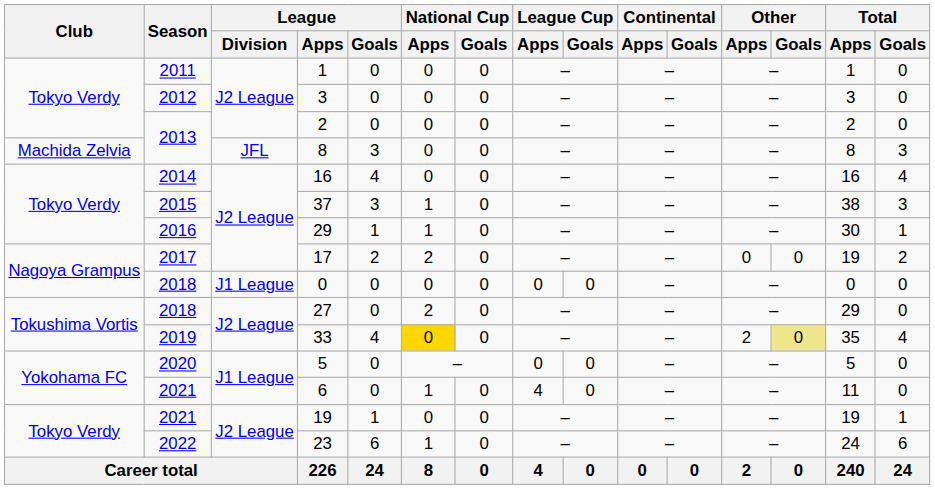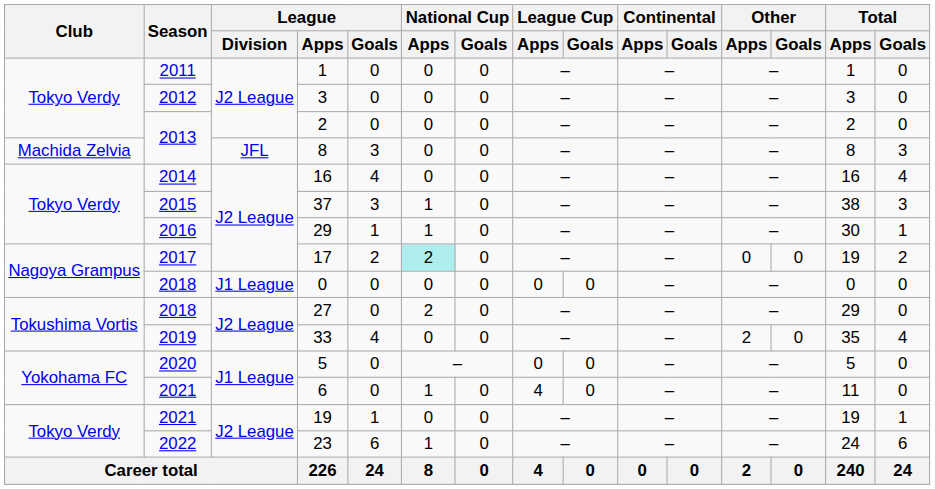 <table class="wikitable" style="text-align: center;">
 <tr>
 <th rowspan="2">Club</th>
 <th rowspan="2">Season</th>
 <th colspan="3">League</th>
 <th colspan="2">National Cup</th>
 <th colspan="2">League Cup</th>
 <th colspan="2">Continental</th>
 <th colspan="2">Other</th>
 <th colspan="2">Total</th>
 </tr>
 <tr>
 <th>Division</th>
 <th>Apps</th>
 <th>Goals</th>
 <th>Apps</th>
 <th>Goals</th>
 <th>Apps</th>
 <th>Goals</th>
 <th>Apps</th>
 <th>Goals</th>
 <th>Apps</th>
 <th>Goals</th>
 <th>Apps</th>
 <th>Goals</th>
 </tr>
 <tr>
 <td rowspan="3" valign="center"><a href='#'>Tokyo Verdy</a></td>
 <td><a href='#'>2011</a></td>
 <td rowspan="3" valign="center"><a href='#'>J2 League</a></td>
 <td>1</td>
 <td>0</td>
 <td>0</td>
 <td>0</td>
 <td colspan="2">–</td>
 <td colspan="2">–</td>
 <td colspan="2">–</td>
 <td>1</td>
 <td>0</td>
 </tr>
 <tr>
 <td><a href='#'>2012</a></td>
 <td>3</td>
 <td>0</td>
 <td>0</td>
 <td>0</td>
 <td colspan="2">–</td>
 <td colspan="2">–</td>
 <td colspan="2">–</td>
 <td>3</td>
 <td>0</td>
 </tr>
 <tr>
 <td rowspan="2"><a href='#'>2013</a></td>
 <td>2</td>
 <td>0</td>
 <td>0</td>
 <td>0</td>
 <td colspan="2">–</td>
 <td colspan="2">–</td>
 <td colspan="2">–</td>
 <td>2</td>
 <td>0</td>
 </tr>
 <tr>
 <td valign="center"><a href='#'>Machida Zelvia</a></td>
 <td><a href='#'>JFL</a></td>
 <td>8</td>
 <td>3</td>
 <td>0</td>
 <td>0</td>
 <td colspan="2">–</td>
 <td colspan="2">–</td>
 <td colspan="2">–</td>
 <td>8</td>
 <td>3</td>
 </tr>
 <tr>
 <td rowspan="3" valign="center"><a href='#'>Tokyo Verdy</a></td>
 <td><a href='#'>2014</a></td>
 <td rowspan="4" valign="center"><a href='#'>J2 League</a></td>
 <td>16</td>
 <td>4</td>
 <td>0</td>
 <td>0</td>
 <td colspan="2">–</td>
 <td colspan="2">–</td>
 <td colspan="2">–</td>
 <td>16</td>
 <td>4</td>
 </tr>
 <tr>
 <td><a href='#'>2015</a></td>
 <td>37</td>
 <td>3</td>
 <td>1</td>
 <td>0</td>
 <td colspan="2">–</td>
 <td colspan="2">–</td>
 <td colspan="2">–</td>
 <td>38</td>
 <td>3</td>
 </tr>
 <tr>
 <td><a href='#'>2016</a></td>
 <td>29</td>
 <td>1</td>
 <td>1</td>
 <td>0</td>
 <td colspan="2">–</td>
 <td colspan="2">–</td>
 <td colspan="2">–</td>
 <td>30</td>
 <td>1</td>
 </tr>
 <tr>
 <td rowspan="2" valign="center"><a href='#'>Nagoya Grampus</a></td>
 <td><a href='#'>2017</a></td>
 <td>17</td>
 <td>2</td>
-<td>2</td>
+<td style="background: paleturquoise;">2</td>
 <td>0</td>
 <td colspan="2">–</td>
 <td colspan="2">–</td>
 <td>0</td>
 <td>0</td>
 <td>19</td>
 <td>2</td>
 </tr>
 <tr>
 <td><a href='#'>2018</a></td>
 <td><a href='#'>J1 League</a></td>
 <td>0</td>
 <td>0</td>
 <td>0</td>
 <td>0</td>
 <td>0</td>
 <td>0</td>
 <td colspan="2">–</td>
 <td colspan="2">–</td>
 <td>0</td>
 <td>0</td>
 </tr>
 <tr>
 <td rowspan="2" valign="center"><a href='#'>Tokushima Vortis</a></td>
 <td><a href='#'>2018</a></td>
 <td rowspan="2" valign="center"><a href='#'>J2 League</a></td>
 <td>27</td>
 <td>0</td>
 <td>2</td>
 <td>0</td>
 <td colspan="2">–</td>
 <td colspan="2">–</td>
 <td colspan="2">–</td>
 <td>29</td>
 <td>0</td>
 </tr>
 <tr>
 <td><a href='#'>2019</a></td>
 <td>33</td>
 <td>4</td>
-<td style="background: gold;">0</td>
+<td>0</td>
 <td>0</td>
 <td colspan="2">–</td>
 <td colspan="2">–</td>
 <td>2</td>
-<td style="background: khaki;">0</td>
+<td>0</td>
 <td>35</td>
 <td>4</td>
 </tr>
 <tr>
 <td rowspan="2"><a href='#'>Yokohama FC</a></td>
 <td><a href='#'>2020</a></td>
 <td rowspan="2"><a href='#'>J1 League</a></td>
 <td>5</td>
 <td>0</td>
 <td colspan="2">–</td>
 <td>0</td>
 <td>0</td>
 <td colspan="2">–</td>
 <td colspan="2">–</td>
 <td>5</td>
 <td>0</td>
 </tr>
 <tr>
 <td><a href='#'>2021</a></td>
 <td>6</td>
 <td>0</td>
 <td>1</td>
 <td>0</td>
 <td>4</td>
 <td>0</td>
 <td colspan="2">–</td>
 <td colspan="2">–</td>
 <td>11</td>
 <td>0</td>
 </tr>
 <tr>
 <td rowspan="2"><a href='#'>Tokyo Verdy</a></td>
 <td><a href='#'>2021</a></td>
 <td rowspan="2"><a href='#'>J2 League</a></td>
 <td>19</td>
 <td>1</td>
 <td>0</td>
 <td>0</td>
 <td colspan="2">–</td>
 <td colspan="2">–</td>
 <td colspan="2">–</td>
 <td>19</td>
 <td>1</td>
 </tr>
 <tr>
 <td><a href='#'>2022</a></td>
 <td>23</td>
 <td>6</td>
 <td>1</td>
 <td>0</td>
 <td colspan="2">–</td>
 <td colspan="2">–</td>
 <td colspan="2">–</td>
 <td>24</td>
 <td>6</td>
 </tr>
 <tr>
 <th colspan="3">Career total</th>
 <th>226</th>
 <th>24</th>
 <th>8</th>
 <th>0</th>
 <th>4</th>
 <th>0</th>
 <th>0</th>
 <th>0</th>
 <th>2</th>
 <th>0</th>
 <th>240</th>
 <th>24</th>
 </tr>
 </table>
